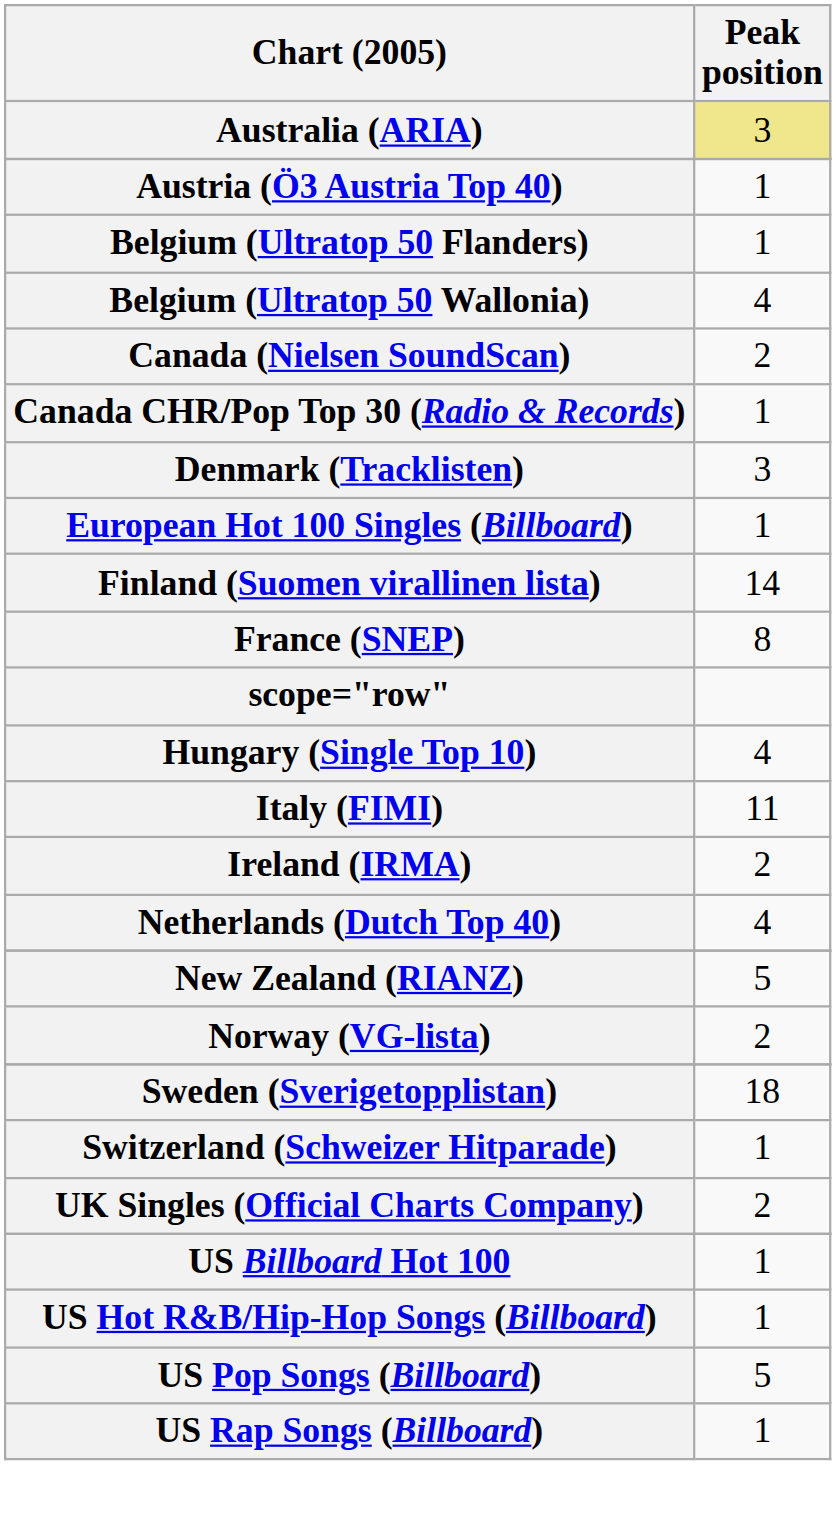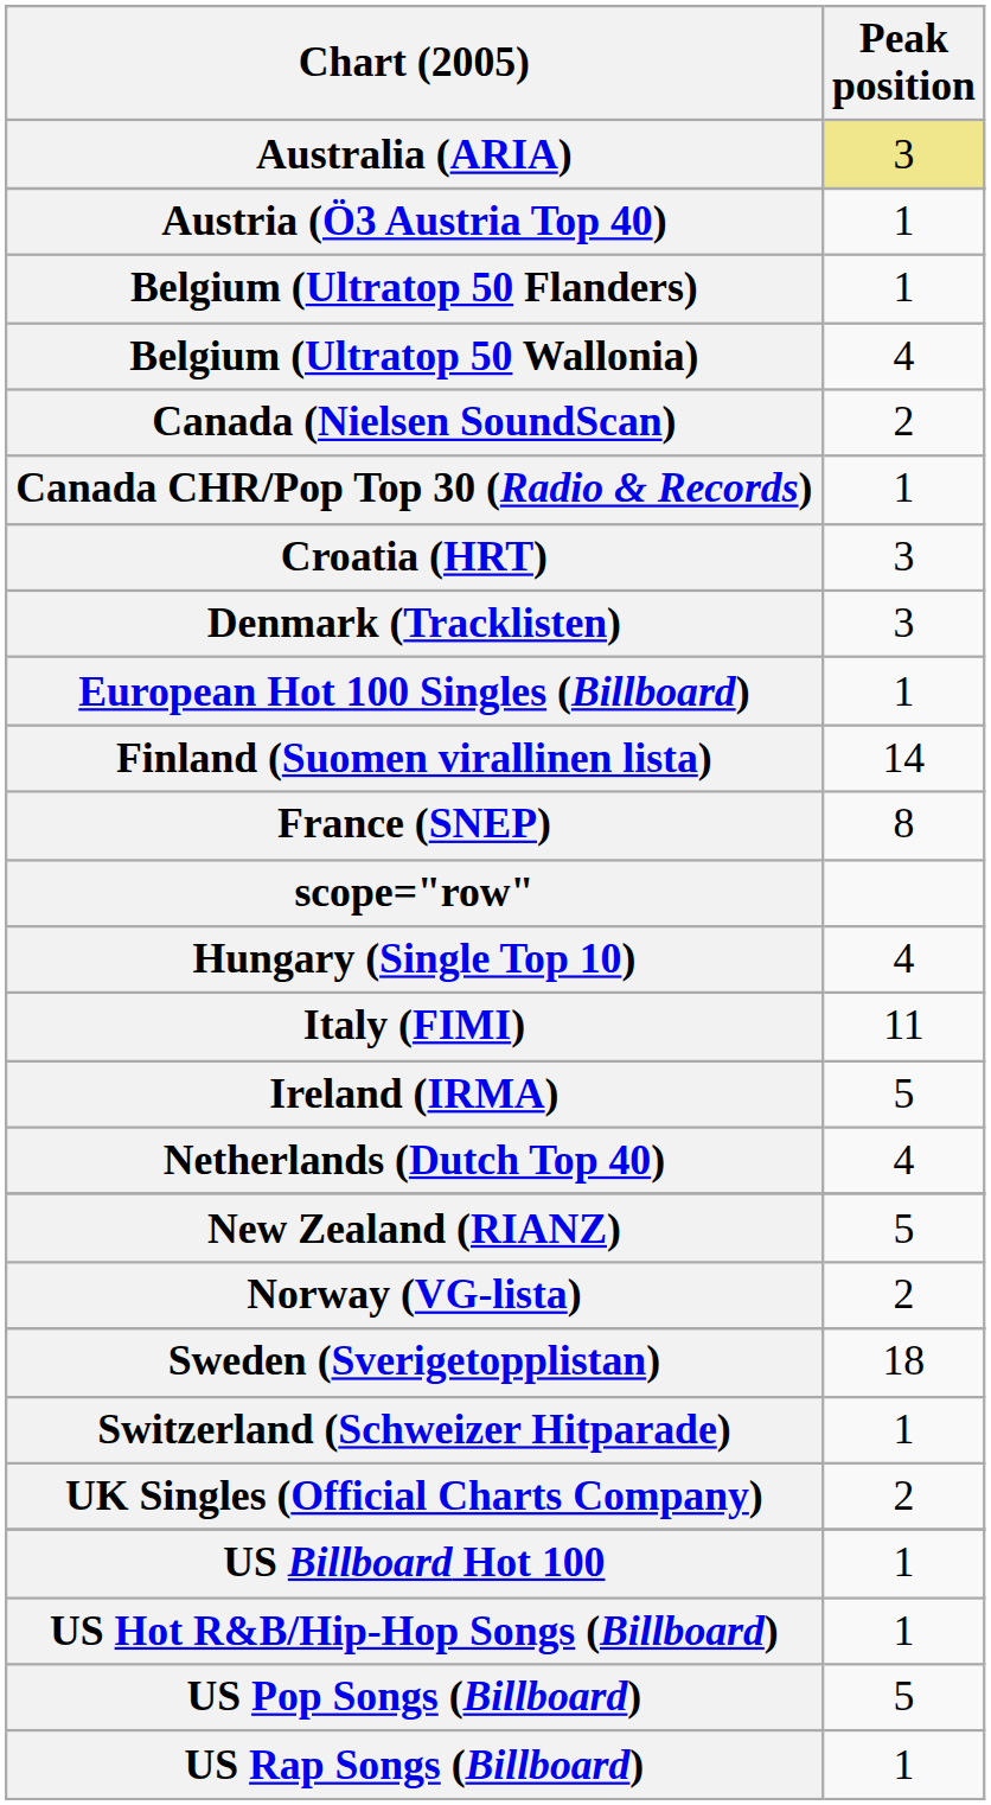 <table class="wikitable sortable plainrowheaders" style="text-align:center;" border="1">
 <tr>
 <th scope="col">Chart (2005)</th>
 <th scope="col">Peak<br>position</th>
 </tr>
 <tr>
 <th scope="row">Australia (<a href='#'>ARIA</a>)</th>
 <td style="background: khaki;">3</td>
 </tr>
 <tr>
 </tr>
 <tr>
 <th scope="row">Austria (<a href='#'>Ö3 Austria Top 40</a>)</th>
 <td>1</td>
 </tr>
 <tr>
 <th scope="row">Belgium (<a href='#'>Ultratop 50</a> Flanders)</th>
 <td>1</td>
 </tr>
 <tr>
 <th scope="row">Belgium (<a href='#'>Ultratop 50</a> Wallonia)</th>
 <td>4</td>
 </tr>
 <tr>
 <th scope="row">Canada (<a href='#'>Nielsen SoundScan</a>)</th>
 <td>2</td>
 </tr>
 <tr>
 <th scope="row">Canada CHR/Pop Top 30 (<em><a href='#'>Radio & Records</a></em>)</th>
 <td>1</td>
 </tr>
 <tr>
+<th scope="row">Croatia (<a href='#'>HRT</a>)</th>
+<td align="center">3</td>
+</tr>
+<tr>
 <th scope="row">Denmark (<a href='#'>Tracklisten</a>)</th>
 <td>3</td>
 </tr>
 <tr>
 <th scope="row"><a href='#'>European Hot 100 Singles</a> (<a href='#'><em>Billboard</em></a>)</th>
 <td>1</td>
 </tr>
 <tr>
 <th scope="row">Finland (<a href='#'>Suomen virallinen lista</a>)</th>
 <td>14</td>
 </tr>
 <tr>
 <th scope="row">France (<a href='#'>SNEP</a>)</th>
 <td>8</td>
 </tr>
 <tr>
 <th>scope="row"</th>
 </tr>
 <tr>
 <th scope="row">Hungary (<a href='#'>Single Top 10</a>)</th>
 <td>4</td>
 </tr>
 <tr>
 <th scope="row">Italy (<a href='#'>FIMI</a>)</th>
 <td>11</td>
 </tr>
 <tr>
 <th scope="row">Ireland (<a href='#'>IRMA</a>)</th>
-<td>2</td>
+<td>5</td>
 </tr>
 <tr>
 <th scope="row">Netherlands (<a href='#'>Dutch Top 40</a>)</th>
 <td>4</td>
 </tr>
 <tr>
 </tr>
 <tr>
 <th scope="row">New Zealand (<a href='#'>RIANZ</a>)</th>
 <td>5</td>
 </tr>
 <tr>
 <th scope="row">Norway (<a href='#'>VG-lista</a>)</th>
 <td>2</td>
 </tr>
 <tr>
 </tr>
 <tr>
 <th scope="row">Sweden (<a href='#'>Sverigetopplistan</a>)</th>
 <td>18</td>
 </tr>
 <tr>
 <th scope="row">Switzerland (<a href='#'>Schweizer Hitparade</a>)</th>
 <td>1</td>
 </tr>
 <tr>
 <th scope="row">UK Singles (<a href='#'>Official Charts Company</a>)</th>
 <td>2</td>
 </tr>
 <tr>
 </tr>
 <tr>
 <th scope="row">US <a href='#'><em>Billboard</em> Hot 100</a></th>
 <td>1</td>
 </tr>
 <tr>
 <th scope="row">US <a href='#'>Hot R&B/Hip-Hop Songs</a> (<a href='#'><em>Billboard</em></a>)</th>
 <td>1</td>
 </tr>
 <tr>
 <th scope="row">US <a href='#'>Pop Songs</a> (<a href='#'><em>Billboard</em></a>)</th>
 <td>5</td>
 </tr>
 <tr>
 <th scope="row">US <a href='#'>Rap Songs</a> (<a href='#'><em>Billboard</em></a>)</th>
 <td>1</td>
 </tr>
 </table>
